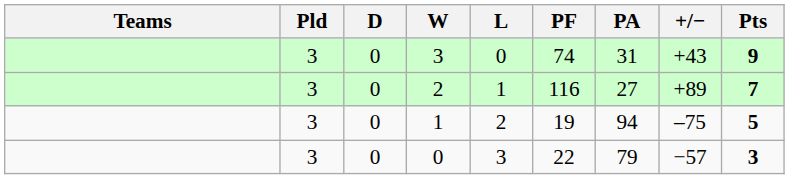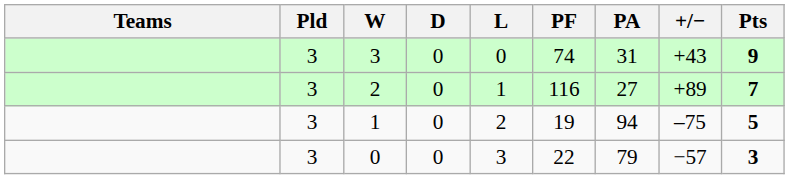 <table class="wikitable" style="text-align: center;">
 <tr>
 <th width="200">Teams</th>
 <th width="40">Pld</th>
+<th width="40">W</th>
 <th width="40">D</th>
-<th width="40">W</th>
 <th width="40">L</th>
 <th width="40">PF</th>
 <th width="40">PA</th>
 <th width="40">+/−</th>
 <th width="40">Pts</th>
 </tr>
 <tr bgcolor=ccffcc>
 <td align=left></td>
 <td>3</td>
+<td>3</td>
 <td>0</td>
-<td>3</td>
 <td>0</td>
 <td>74</td>
 <td>31</td>
 <td>+43</td>
 <td><strong>9</strong></td>
 </tr>
 <tr bgcolor=ccffcc>
 <td align=left></td>
 <td>3</td>
+<td>2</td>
 <td>0</td>
-<td>2</td>
 <td>1</td>
 <td>116</td>
 <td>27</td>
 <td>+89</td>
 <td><strong>7</strong></td>
 </tr>
 <tr>
 <td align=left></td>
 <td>3</td>
+<td>1</td>
 <td>0</td>
-<td>1</td>
 <td>2</td>
 <td>19</td>
 <td>94</td>
 <td>–75</td>
 <td><strong>5</strong></td>
 </tr>
 <tr>
 <td align=left></td>
 <td>3</td>
 <td>0</td>
 <td>0</td>
 <td>3</td>
 <td>22</td>
 <td>79</td>
 <td>−57</td>
 <td><strong>3</strong></td>
 </tr>
 </table>
